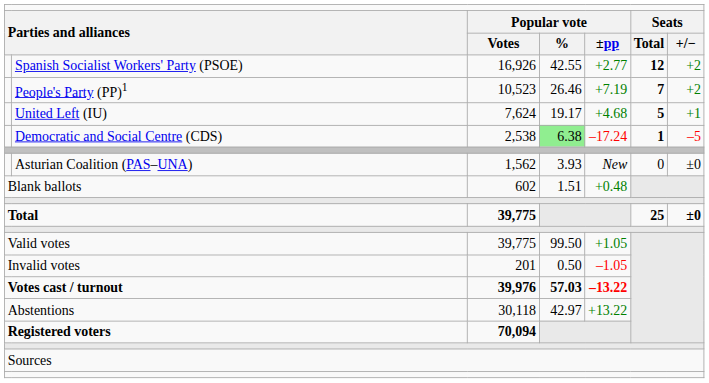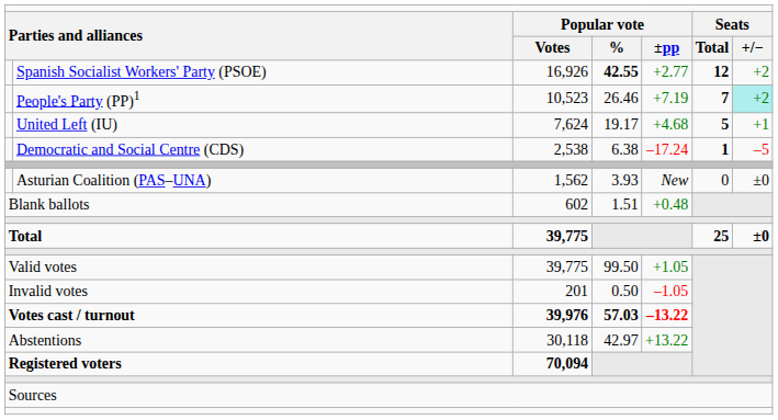 <table class="wikitable" style="text-align:right;">
 <tr>
 <td colspan="7"></td>
 </tr>
 <tr>
 <th style="text-align:left;" rowspan="2" colspan="2" width="525">Parties and alliances</th>
 <th colspan="3">Popular vote</th>
 <th colspan="2">Seats</th>
 </tr>
 <tr>
 <th width="75">Votes</th>
 <th width="45">%</th>
 <th width="45">±<a href='#'>pp</a></th>
 <th width="35">Total</th>
 <th width="35">+/−</th>
 </tr>
 <tr>
 <td width="1" style="color:inherit;background:"></td>
 <td align="left"><a href='#'>Spanish Socialist Workers' Party</a> (PSOE)</td>
 <td>16,926</td>
-<td>42.55</td>
+<td><strong>42.55</strong></td>
 <td style="color:green;">+2.77</td>
 <td><strong>12</strong></td>
 <td style="color:green;">+2</td>
 </tr>
 <tr>
 <td style="color:inherit;background:"></td>
 <td align="left"><a href='#'>People's Party</a> (PP)<sup>1</sup></td>
 <td>10,523</td>
 <td>26.46</td>
 <td style="color:green;">+7.19</td>
 <td><strong>7</strong></td>
-<td style="color:green;">+2</td>
+<td style="background: paleturquoise; color:green;">+2</td>
 </tr>
 <tr>
 <td style="color:inherit;background:"></td>
 <td align="left"><a href='#'>United Left</a> (IU)</td>
 <td>7,624</td>
 <td>19.17</td>
 <td style="color:green;">+4.68</td>
 <td><strong>5</strong></td>
 <td style="color:green;">+1</td>
 </tr>
 <tr>
 <td style="color:inherit;background:"></td>
 <td align="left"><a href='#'>Democratic and Social Centre</a> (CDS)</td>
 <td>2,538</td>
-<td style="background: lightgreen;">6.38</td>
+<td>6.38</td>
 <td style="color:red;">–17.24</td>
 <td><strong>1</strong></td>
 <td style="color:red;">–5</td>
 </tr>
 <tr>
 <td colspan="7" bgcolor="#C0C0C0"></td>
 </tr>
 <tr>
 <td style="color:inherit;background:"></td>
 <td align="left">Asturian Coalition (<a href='#'>PAS</a>–<a href='#'>UNA</a>)</td>
 <td>1,562</td>
 <td>3.93</td>
 <td><em>New</em></td>
 <td>0</td>
 <td>±0</td>
 </tr>
 <tr>
 <td align="left" colspan="2">Blank ballots</td>
 <td>602</td>
 <td>1.51</td>
 <td style="color:green;">+0.48</td>
 <td bgcolor="#E9E9E9" colspan="2"></td>
 </tr>
 <tr>
 <td colspan="7" bgcolor="#E9E9E9"></td>
 </tr>
 <tr style="font-weight:bold;">
 <td align="left" colspan="2">Total</td>
 <td>39,775</td>
 <td bgcolor="#E9E9E9" colspan="2"></td>
 <td>25</td>
 <td>±0</td>
 </tr>
 <tr>
 <td colspan="7" bgcolor="#E9E9E9"></td>
 </tr>
 <tr>
 <td align="left" colspan="2">Valid votes</td>
 <td>39,775</td>
 <td>99.50</td>
 <td style="color:green;">+1.05</td>
 <td bgcolor="#E9E9E9" colspan="2" rowspan="5"></td>
 </tr>
 <tr>
 <td align="left" colspan="2">Invalid votes</td>
 <td>201</td>
 <td>0.50</td>
 <td style="color:red;">–1.05</td>
 </tr>
 <tr style="font-weight:bold;">
 <td align="left" colspan="2">Votes cast / turnout</td>
 <td>39,976</td>
 <td>57.03</td>
 <td style="color:red;">–13.22</td>
 </tr>
 <tr>
 <td align="left" colspan="2">Abstentions</td>
 <td>30,118</td>
 <td>42.97</td>
 <td style="color:green;">+13.22</td>
 </tr>
 <tr style="font-weight:bold;">
 <td align="left" colspan="2">Registered voters</td>
 <td>70,094</td>
 <td bgcolor="#E9E9E9" colspan="2"></td>
 </tr>
 <tr>
 <td colspan="7" bgcolor="#E9E9E9"></td>
 </tr>
 <tr>
 <td align="left" colspan="7">Sources</td>
 </tr>
 <tr>
 <td colspan="7" style="text-align:left; max-width:790px;"></td>
 </tr>
 </table>
